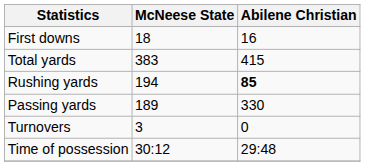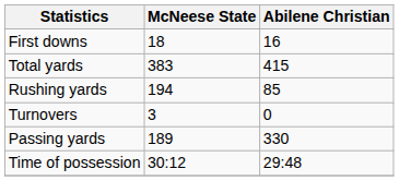 <table class="wikitable">
 <tr>
 <th>Statistics</th>
 <th>McNeese State</th>
 <th>Abilene Christian</th>
 </tr>
 <tr>
 <td>First downs</td>
 <td>18</td>
 <td>16</td>
 </tr>
 <tr>
 <td>Total yards</td>
 <td>383</td>
 <td>415</td>
 </tr>
 <tr>
 <td>Rushing yards</td>
 <td>194</td>
-<td><strong>85</strong></td>
+<td>85</td>
+</tr>
+<tr>
+<td>Turnovers</td>
+<td>3</td>
+<td>0</td>
 </tr>
 <tr>
 <td>Passing yards</td>
 <td>189</td>
 <td>330</td>
-</tr>
-<tr>
-<td>Turnovers</td>
-<td>3</td>
-<td>0</td>
 </tr>
 <tr>
 <td>Time of possession</td>
 <td>30:12</td>
 <td>29:48</td>
 </tr>
 <tr>
 </tr>
 </table>
